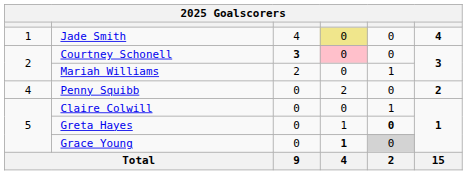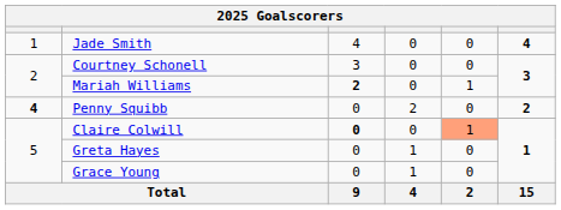 <table class="wikitable" style="text-align: center;">
 <tr>
 <th colspan=6><strong>2025 Goalscorers</strong></th>
 </tr>
 <tr>
 <th style="width: 50px;"></th>
 <th style="text-align: left; padding-left: 10px; width: 250px;"></th>
 <th style="width: 50px;"></th>
 <th style="width: 50px;"></th>
 <th style="width: 50px;"></th>
 <th style="width: 50px;"></th>
 </tr>
 <tr>
 <td>1</td>
 <td style="text-align: left; padding-left: 10px;"><a href='#'>Jade Smith</a></td>
 <td>4</td>
-<td style="background: khaki;">0</td>
+<td>0</td>
 <td>0</td>
 <td><strong>4</strong></td>
 </tr>
 <tr>
 <td rowspan=2>2</td>
 <td style="text-align: left; padding-left: 10px;"><a href='#'>Courtney Schonell</a></td>
-<td><strong>3</strong></td>
-<td style="background: pink;">0</td>
+<td>3</td>
+<td>0</td>
 <td>0</td>
 <td rowspan=2><strong>3</strong></td>
 </tr>
 <tr>
 <td style="text-align: left; padding-left: 10px;"><a href='#'>Mariah Williams</a></td>
-<td>2</td>
+<td><strong>2</strong></td>
 <td>0</td>
 <td>1</td>
 </tr>
 <tr>
-<td>4</td>
+<td><strong>4</strong></td>
 <td style="text-align: left; padding-left: 10px;"><a href='#'>Penny Squibb</a></td>
 <td>0</td>
 <td>2</td>
 <td>0</td>
 <td><strong>2</strong></td>
 </tr>
 <tr>
 <td rowspan=3>5</td>
 <td style="text-align: left; padding-left: 10px;"><a href='#'>Claire Colwill</a></td>
+<td><strong>0</strong></td>
 <td>0</td>
-<td>0</td>
-<td>1</td>
+<td style="background: lightsalmon;">1</td>
 <td rowspan=3><strong>1</strong></td>
 </tr>
 <tr>
 <td style="text-align: left; padding-left: 10px;"><a href='#'>Greta Hayes</a></td>
 <td>0</td>
 <td>1</td>
-<td><strong>0</strong></td>
+<td>0</td>
 </tr>
 <tr>
 <td style="text-align: left; padding-left: 10px;"><a href='#'>Grace Young</a></td>
 <td>0</td>
-<td><strong>1</strong></td>
-<td style="background: lightgrey;">0</td>
+<td>1</td>
+<td>0</td>
 </tr>
 <tr>
 <th colspan=2>Total</th>
 <th><strong>9</strong></th>
 <th><strong>4</strong></th>
 <th><strong>2</strong></th>
 <th><strong>15</strong></th>
 </tr>
 </table>
